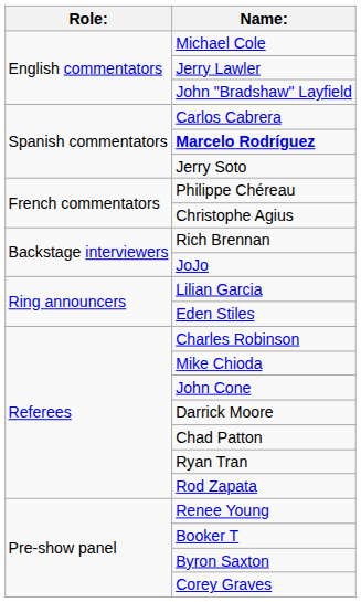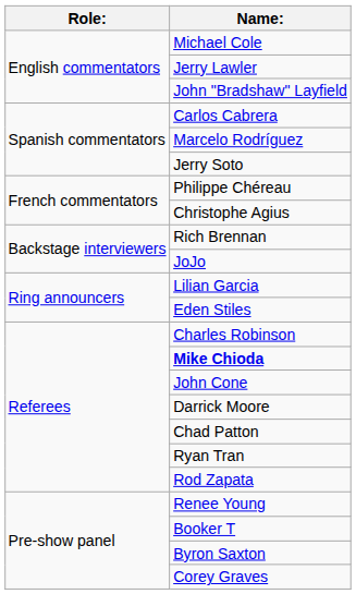 <table class=wikitable style="font-size:90%; margin: 0.5em 0 0.5em 1em; float: right; clear: right;">
 <tr>
 <th>Role:</th>
 <th>Name:</th>
 </tr>
 <tr>
 <td rowspan=3>English <a href='#'>commentators</a></td>
 <td><a href='#'>Michael Cole</a></td>
 </tr>
 <tr>
 <td><a href='#'>Jerry Lawler</a></td>
 </tr>
 <tr>
 <td><a href='#'>John "Bradshaw" Layfield</a></td>
 </tr>
 <tr>
 <td rowspan=3>Spanish commentators</td>
 <td><a href='#'>Carlos Cabrera</a></td>
 </tr>
 <tr>
-<td><strong><a href='#'>Marcelo Rodríguez</a></strong></td>
+<td><a href='#'>Marcelo Rodríguez</a></td>
 </tr>
 <tr>
 <td>Jerry Soto</td>
 </tr>
 <tr>
 <td rowspan="2">French commentators</td>
 <td>Philippe Chéreau</td>
 </tr>
 <tr>
 <td>Christophe Agius</td>
 </tr>
 <tr>
 <td rowspan=2>Backstage <a href='#'>interviewers</a></td>
 <td>Rich Brennan</td>
 </tr>
 <tr>
 <td><a href='#'>JoJo</a></td>
 </tr>
 <tr>
 <td rowspan=2><a href='#'>Ring announcers</a></td>
 <td><a href='#'>Lilian Garcia</a></td>
 </tr>
 <tr>
 <td><a href='#'>Eden Stiles</a></td>
 </tr>
 <tr>
 <td rowspan=7><a href='#'>Referees</a></td>
 <td><a href='#'>Charles Robinson</a></td>
 </tr>
 <tr>
-<td><a href='#'>Mike Chioda</a></td>
+<td><strong><a href='#'>Mike Chioda</a></strong></td>
 </tr>
 <tr>
 <td><a href='#'>John Cone</a></td>
 </tr>
 <tr>
 <td>Darrick Moore</td>
 </tr>
 <tr>
 <td>Chad Patton</td>
 </tr>
 <tr>
 <td>Ryan Tran</td>
 </tr>
 <tr>
 <td><a href='#'>Rod Zapata</a></td>
 </tr>
 <tr>
 <td rowspan=4>Pre-show panel</td>
 <td><a href='#'>Renee Young</a></td>
 </tr>
 <tr>
 <td><a href='#'>Booker T</a></td>
 </tr>
 <tr>
 <td><a href='#'>Byron Saxton</a></td>
 </tr>
 <tr>
 <td><a href='#'>Corey Graves</a></td>
 </tr>
 </table>
